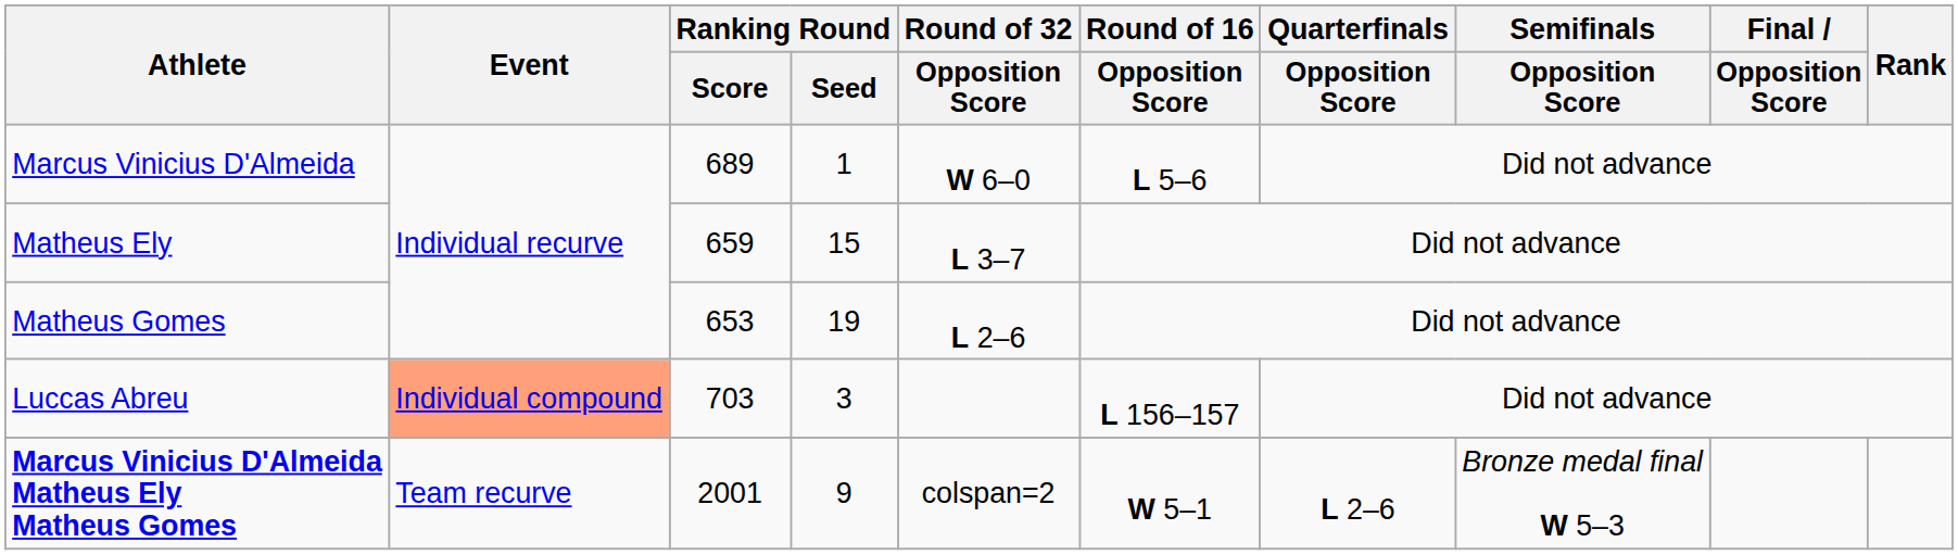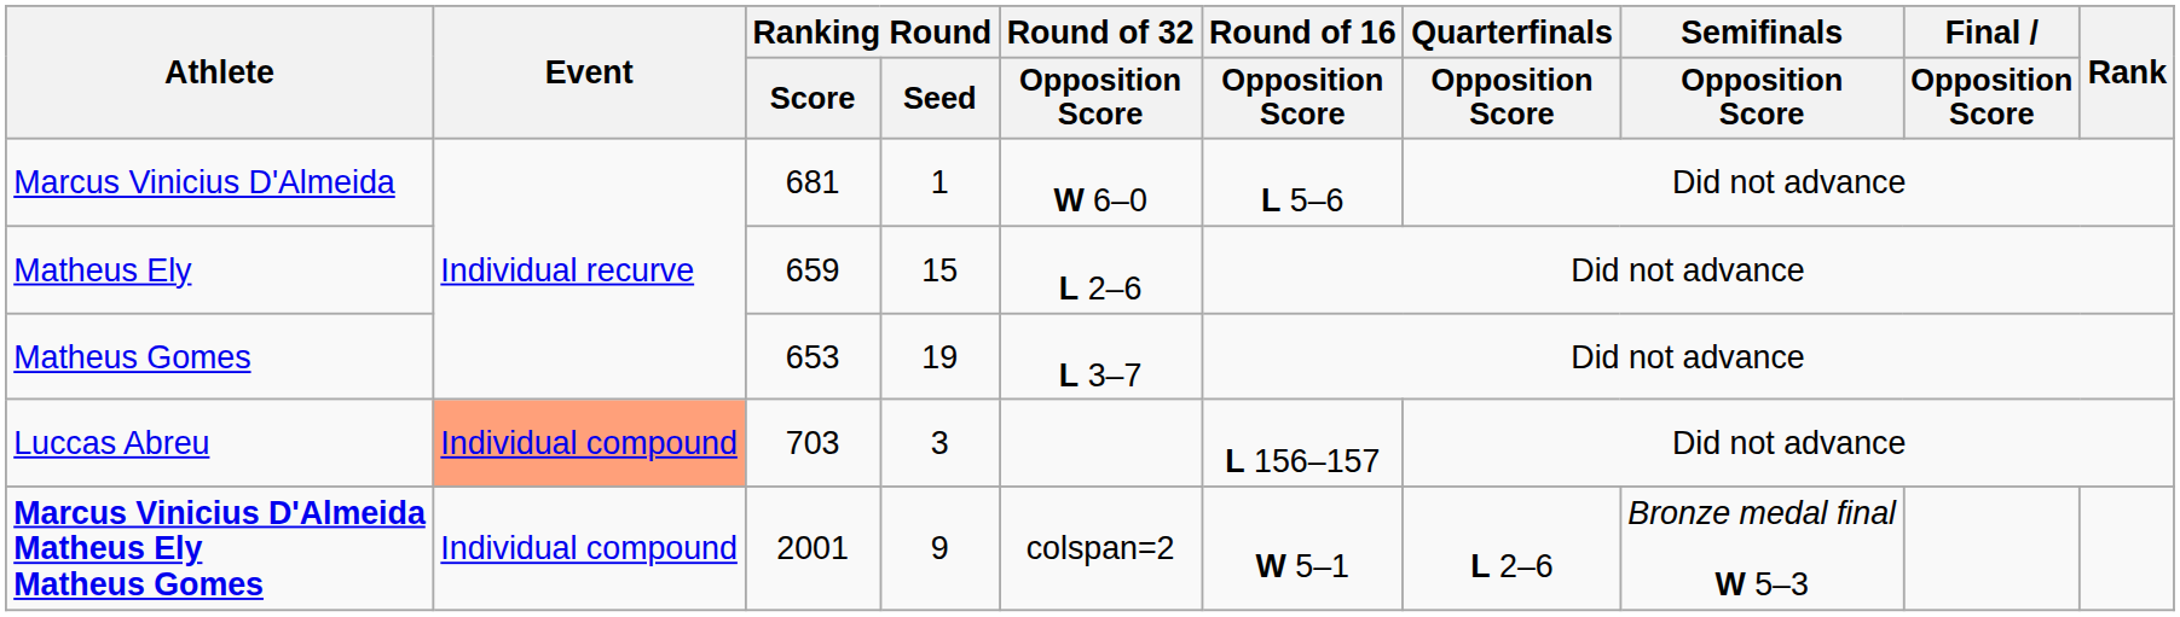 <table class="wikitable" style="font-size:90%">
 <tr>
 <th rowspan="2">Athlete</th>
 <th rowspan="2">Event</th>
 <th colspan="2">Ranking Round</th>
 <th>Round of 32</th>
 <th>Round of 16</th>
 <th>Quarterfinals</th>
 <th>Semifinals</th>
 <th>Final / </th>
 <th rowspan="2">Rank</th>
 </tr>
 <tr style="font-size:95%">
 <th>Score</th>
 <th>Seed</th>
 <th>Opposition<br>Score</th>
 <th>Opposition<br>Score</th>
 <th>Opposition<br>Score</th>
 <th>Opposition<br>Score</th>
 <th>Opposition<br>Score</th>
 </tr>
 <tr align=center>
 <td align=left><a href='#'>Marcus Vinicius D'Almeida</a></td>
 <td align=left rowspan=3><a href='#'>Individual recurve</a></td>
-<td>689</td>
+<td>681</td>
 <td>1</td>
 <td><br><strong>W</strong> 6–0</td>
 <td><br><strong>L</strong> 5–6</td>
 <td colspan=4>Did not advance</td>
 </tr>
 <tr align=center>
 <td align=left><a href='#'>Matheus Ely</a></td>
 <td>659</td>
 <td>15</td>
-<td><br><strong>L</strong> 3–7</td>
+<td><br><strong>L</strong> 2–6</td>
 <td colspan=5>Did not advance</td>
 </tr>
 <tr align=center>
 <td align=left><a href='#'>Matheus Gomes</a></td>
 <td>653</td>
 <td>19</td>
-<td><br><strong>L</strong> 2–6</td>
+<td><br><strong>L</strong> 3–7</td>
 <td colspan=5>Did not advance</td>
 </tr>
 <tr align=center>
 <td align=left><a href='#'>Luccas Abreu</a></td>
 <td align=left style="background: lightsalmon;"><a href='#'>Individual compound</a></td>
 <td>703</td>
 <td>3</td>
 <td></td>
 <td><br><strong>L</strong> 156–157</td>
 <td colspan=4>Did not advance</td>
 </tr>
 <tr align=center>
 <td align=left><strong><a href='#'>Marcus Vinicius D'Almeida</a></strong><br><strong><a href='#'>Matheus Ely</a></strong><br><strong><a href='#'>Matheus Gomes</a></strong></td>
-<td align=left><a href='#'>Team recurve</a></td>
+<td align=left><a href='#'>Individual compound</a></td>
 <td>2001</td>
 <td>9</td>
 <td>colspan=2 </td>
 <td><br><strong>W</strong> 5–1</td>
 <td><br><strong>L</strong> 2–6</td>
 <td><em>Bronze medal final</em><br><br><strong>W</strong> 5–3</td>
 <td></td>
 </tr>
 </table>
